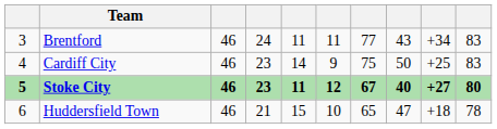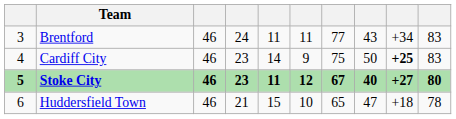 <table class="wikitable" style="text-align:center">
 <tr>
 <th width="30"></th>
 <th width="175">Team</th>
 <th width="30"></th>
 <th width="30"></th>
 <th width="30"></th>
 <th width="30"></th>
 <th width="30"></th>
 <th width="30"></th>
 <th width="30"></th>
 <th width="30"></th>
 </tr>
 <tr>
 <td>3</td>
 <td align=left><a href='#'>Brentford</a></td>
 <td>46</td>
 <td>24</td>
 <td>11</td>
 <td>11</td>
 <td>77</td>
 <td>43</td>
 <td>+34</td>
 <td>83</td>
 </tr>
 <tr>
 <td>4</td>
 <td align=left><a href='#'>Cardiff City</a></td>
 <td>46</td>
 <td>23</td>
 <td>14</td>
 <td>9</td>
 <td>75</td>
 <td>50</td>
-<td>+25</td>
+<td><strong>+25</strong></td>
 <td>83</td>
 </tr>
 <tr bgcolor=#ADDFAD>
 <td><strong>5</strong></td>
 <td align=left><strong><a href='#'>Stoke City</a></strong></td>
 <td><strong>46</strong></td>
 <td><strong>23</strong></td>
 <td><strong>11</strong></td>
 <td><strong>12</strong></td>
 <td><strong>67</strong></td>
 <td><strong>40</strong></td>
 <td><strong>+27</strong></td>
 <td><strong>80</strong></td>
 </tr>
 <tr>
 <td>6</td>
 <td align=left><a href='#'>Huddersfield Town</a></td>
 <td>46</td>
 <td>21</td>
 <td>15</td>
 <td>10</td>
 <td>65</td>
 <td>47</td>
 <td>+18</td>
 <td>78</td>
 </tr>
 </table>
